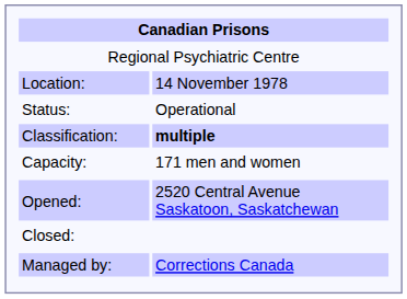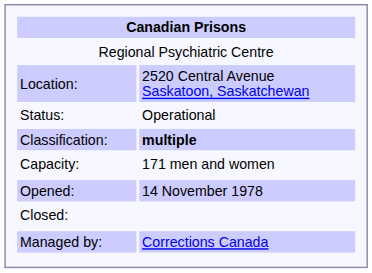 <table cellpadding=2 cellspacing=2 align=right width=256px style="font-family: verdana, sans-serif; padding: 6px; margin: 0 0 1em 1em; font-size: 10px; background-color: #f7f8ff; border:1px solid #8888aa;">
 <tr style=background:#ccccff>
 <td align=center colspan=2><span><strong>Canadian Prisons</strong></span></td>
 </tr>
 <tr>
 <td align=center colspan=2>Regional Psychiatric Centre</td>
 </tr>
 <tr style=background:#ccccff>
 <td style=width:80px>Location:</td>
-<td>14 November 1978</td>
+<td>2520 Central Avenue <br><a href='#'>Saskatoon, Saskatchewan</a></td>
 </tr>
 <tr>
 <td>Status:</td>
 <td>Operational</td>
 </tr>
 <tr style=background:#ccccff>
 <td>Classification:</td>
 <td><strong>multiple</strong></td>
 </tr>
 <tr>
 <td>Capacity:</td>
 <td>171 men and women</td>
 </tr>
 <tr>
 </tr>
 <tr style=background:#ccccff>
 <td>Opened:</td>
-<td>2520 Central Avenue <br><a href='#'>Saskatoon, Saskatchewan</a></td>
+<td>14 November 1978</td>
 </tr>
 <tr>
 <td>Closed:</td>
 <td></td>
 </tr>
 <tr>
 </tr>
 <tr style=background:#ccccff>
 <td>Managed by:</td>
 <td><a href='#'>Corrections Canada</a></td>
 </tr>
 <tr>
 </tr>
 </table>
